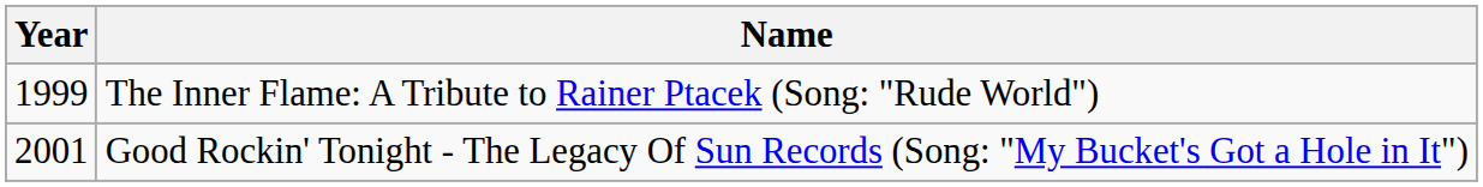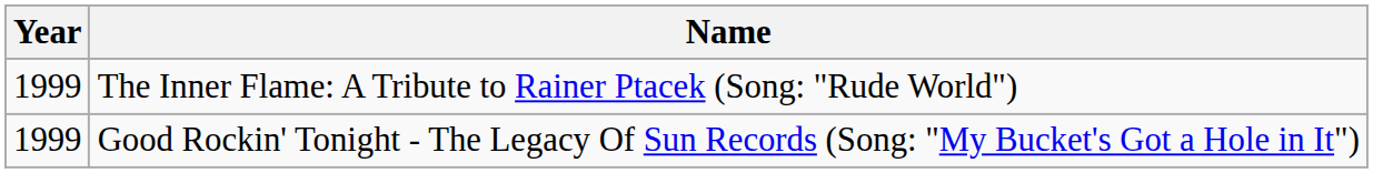 <table class="wikitable">
 <tr>
 <th>Year</th>
 <th>Name</th>
 </tr>
 <tr>
 <td>1999</td>
 <td>The Inner Flame: A Tribute to <a href='#'>Rainer Ptacek</a> (Song: "Rude World")</td>
 </tr>
 <tr>
-<td>2001</td>
+<td>1999</td>
 <td>Good Rockin' Tonight - The Legacy Of <a href='#'>Sun Records</a> (Song: "<a href='#'>My Bucket's Got a Hole in It</a>")</td>
 </tr>
 </table>
